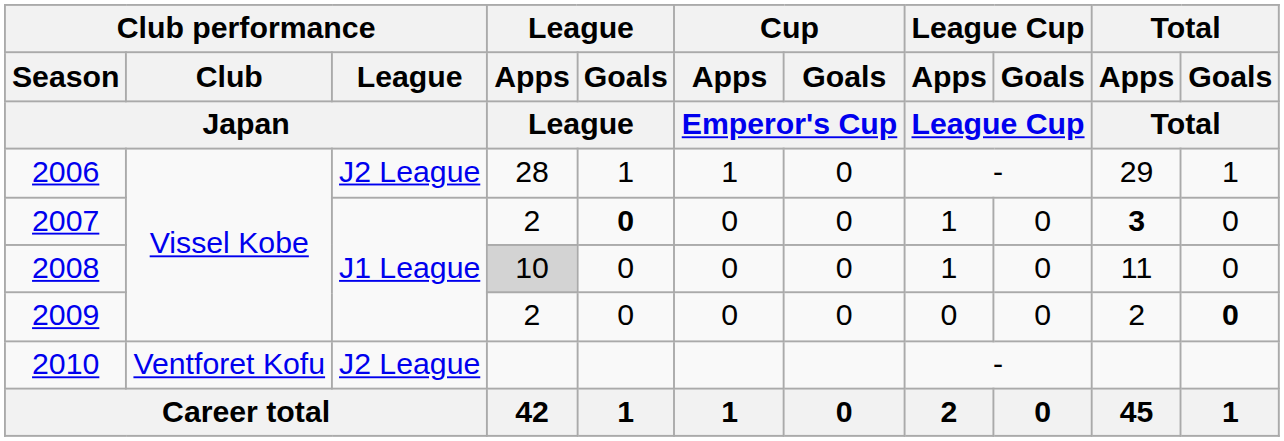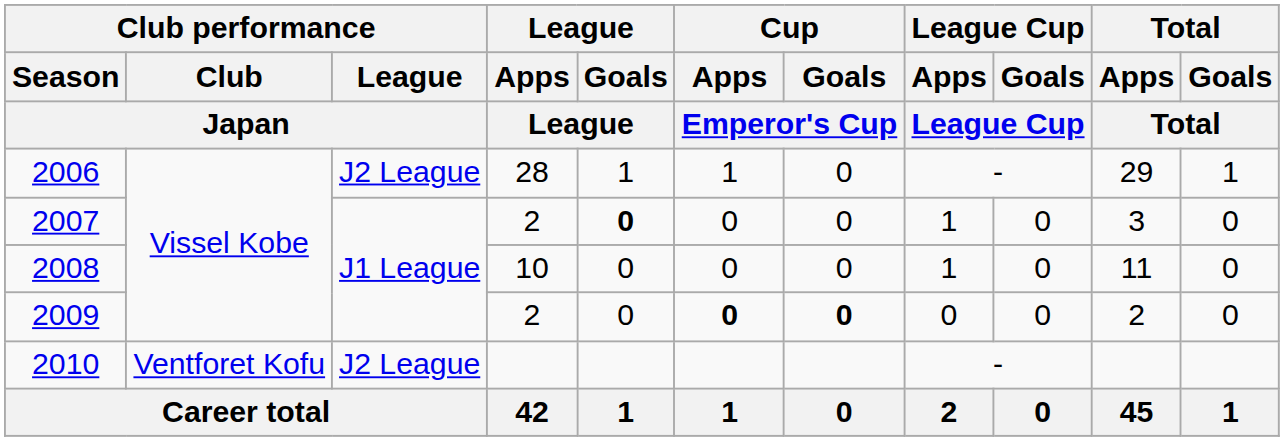 <table class="wikitable" style="text-align:center">
 <tr>
 <th colspan=3>Club performance</th>
 <th colspan=2>League</th>
 <th colspan=2>Cup</th>
 <th colspan=2>League Cup</th>
 <th colspan=2>Total</th>
 </tr>
 <tr>
 <th>Season</th>
 <th>Club</th>
 <th>League</th>
 <th>Apps</th>
 <th>Goals</th>
 <th>Apps</th>
 <th>Goals</th>
 <th>Apps</th>
 <th>Goals</th>
 <th>Apps</th>
 <th>Goals</th>
 </tr>
 <tr>
 <th colspan=3>Japan</th>
 <th colspan=2>League</th>
 <th colspan=2><a href='#'>Emperor's Cup</a></th>
 <th colspan=2><a href='#'>League Cup</a></th>
 <th colspan=2>Total</th>
 </tr>
 <tr>
 <td><a href='#'>2006</a></td>
 <td rowspan="4"><a href='#'>Vissel Kobe</a></td>
 <td><a href='#'>J2 League</a></td>
 <td>28</td>
 <td>1</td>
 <td>1</td>
 <td>0</td>
 <td colspan="2">-</td>
 <td>29</td>
 <td>1</td>
 </tr>
 <tr>
 <td><a href='#'>2007</a></td>
 <td rowspan="3"><a href='#'>J1 League</a></td>
 <td>2</td>
 <td><strong>0</strong></td>
 <td>0</td>
 <td>0</td>
 <td>1</td>
 <td>0</td>
-<td><strong>3</strong></td>
+<td>3</td>
 <td>0</td>
 </tr>
 <tr>
 <td><a href='#'>2008</a></td>
-<td style="background: lightgrey;">10</td>
+<td>10</td>
 <td>0</td>
 <td>0</td>
 <td>0</td>
 <td>1</td>
 <td>0</td>
 <td>11</td>
 <td>0</td>
 </tr>
 <tr>
 <td><a href='#'>2009</a></td>
 <td>2</td>
 <td>0</td>
-<td>0</td>
-<td>0</td>
+<td><strong>0</strong></td>
+<td><strong>0</strong></td>
 <td>0</td>
 <td>0</td>
 <td>2</td>
-<td><strong>0</strong></td>
+<td>0</td>
 </tr>
 <tr>
 <td><a href='#'>2010</a></td>
 <td><a href='#'>Ventforet Kofu</a></td>
 <td><a href='#'>J2 League</a></td>
 <td></td>
 <td></td>
 <td></td>
 <td></td>
 <td colspan="2">-</td>
 <td></td>
 <td></td>
 </tr>
 <tr>
 <th colspan=3>Career total</th>
 <th>42</th>
 <th>1</th>
 <th>1</th>
 <th>0</th>
 <th>2</th>
 <th>0</th>
 <th>45</th>
 <th>1</th>
 </tr>
 </table>
